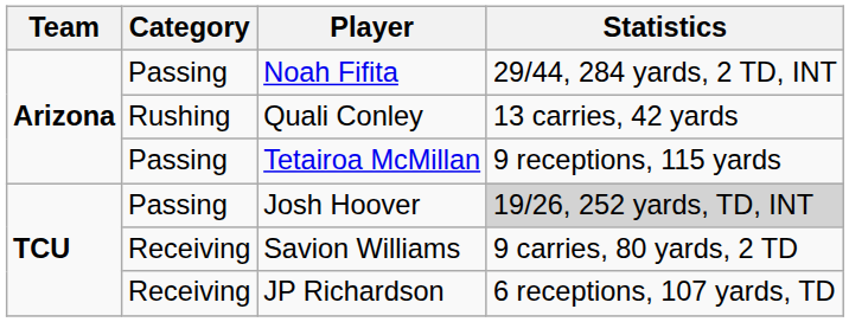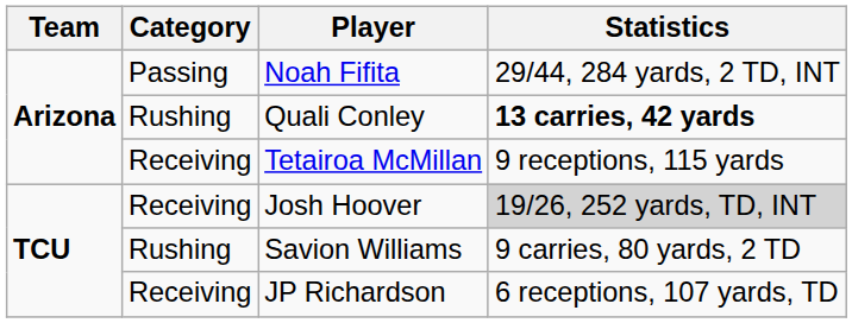 <table class="wikitable" style="float: right;">
 <tr>
 <th>Team</th>
 <th>Category</th>
 <th>Player</th>
 <th>Statistics</th>
 </tr>
 <tr>
 <td rowspan=3><strong>Arizona</strong></td>
 <td>Passing</td>
 <td><a href='#'>Noah Fifita</a></td>
 <td>29/44, 284 yards, 2 TD, INT</td>
 </tr>
 <tr>
 <td>Rushing</td>
 <td>Quali Conley</td>
-<td>13 carries, 42 yards</td>
+<td><strong>13 carries, 42 yards</strong></td>
 </tr>
 <tr>
-<td>Passing</td>
+<td>Receiving</td>
 <td><a href='#'>Tetairoa McMillan</a></td>
 <td>9 receptions, 115 yards</td>
 </tr>
 <tr>
 <td rowspan=3><strong>TCU</strong></td>
-<td>Passing</td>
+<td>Receiving</td>
 <td>Josh Hoover</td>
 <td style="background: lightgrey;">19/26, 252 yards, TD, INT</td>
 </tr>
 <tr>
-<td>Receiving</td>
+<td>Rushing</td>
 <td>Savion Williams</td>
 <td>9 carries, 80 yards, 2 TD</td>
 </tr>
 <tr>
 <td>Receiving</td>
 <td>JP Richardson</td>
 <td>6 receptions, 107 yards, TD</td>
 </tr>
 </table>
